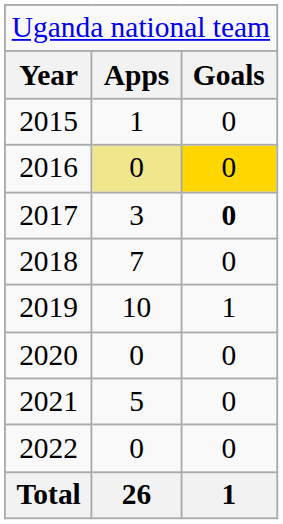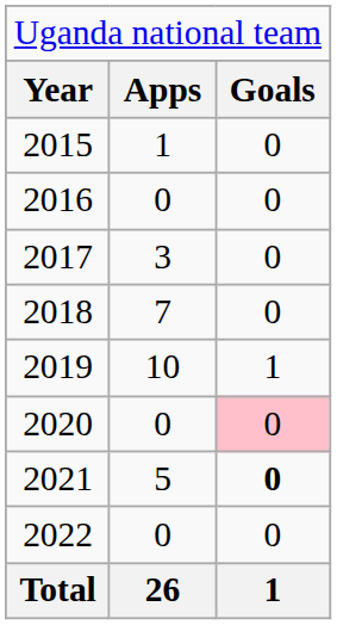 <table class="wikitable" style="text-align:center">
 <tr>
 <td colspan="3"><a href='#'>Uganda national team</a></td>
 </tr>
 <tr>
 <th>Year</th>
 <th>Apps</th>
 <th>Goals</th>
 </tr>
 <tr>
 <td>2015</td>
 <td>1</td>
 <td>0</td>
 </tr>
 <tr>
 <td>2016</td>
-<td style="background: khaki;">0</td>
-<td style="background: gold;">0</td>
+<td>0</td>
+<td>0</td>
 </tr>
 <tr>
 <td>2017</td>
 <td>3</td>
-<td><strong>0</strong></td>
+<td>0</td>
 </tr>
 <tr>
 <td>2018</td>
 <td>7</td>
 <td>0</td>
 </tr>
 <tr>
 <td>2019</td>
 <td>10</td>
 <td>1</td>
 </tr>
 <tr>
 <td>2020</td>
 <td>0</td>
-<td>0</td>
+<td style="background: pink;">0</td>
 </tr>
 <tr>
 <td>2021</td>
 <td>5</td>
-<td>0</td>
+<td><strong>0</strong></td>
 </tr>
 <tr>
 <td>2022</td>
 <td>0</td>
 <td>0</td>
 </tr>
 <tr>
 <th>Total</th>
 <th>26</th>
 <th>1</th>
 </tr>
 </table>
